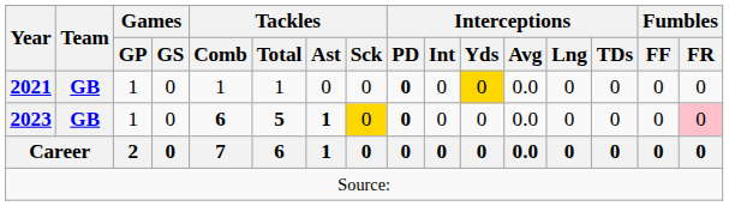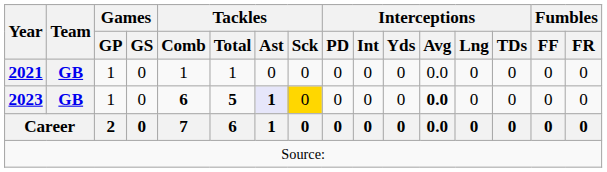 <table class="wikitable" style="text-align: center;">
 <tr>
 <th rowspan="2">Year</th>
 <th rowspan="2">Team</th>
 <th colspan="2">Games</th>
 <th colspan="4">Tackles</th>
 <th colspan="6">Interceptions</th>
 <th colspan="2">Fumbles</th>
 </tr>
 <tr>
 <th>GP</th>
 <th>GS</th>
 <th>Comb</th>
 <th>Total</th>
 <th>Ast</th>
 <th>Sck</th>
 <th>PD</th>
 <th>Int</th>
 <th>Yds</th>
 <th>Avg</th>
 <th>Lng</th>
 <th>TDs</th>
 <th>FF</th>
 <th>FR</th>
 </tr>
 <tr>
 <th><a href='#'>2021</a></th>
 <th><a href='#'>GB</a></th>
 <td>1</td>
 <td>0</td>
 <td>1</td>
 <td>1</td>
 <td>0</td>
 <td>0</td>
-<td><strong>0</strong></td>
 <td>0</td>
-<td style="background: gold;">0</td>
+<td>0</td>
+<td>0</td>
 <td>0.0</td>
 <td>0</td>
 <td>0</td>
 <td>0</td>
 <td>0</td>
 </tr>
 <tr>
 <th><a href='#'>2023</a></th>
 <th><a href='#'>GB</a></th>
 <td>1</td>
 <td>0</td>
 <td><strong>6</strong></td>
 <td><strong>5</strong></td>
-<td><strong>1</strong></td>
+<td style="background: lavender;"><strong>1</strong></td>
 <td style="background: gold;">0</td>
-<td><strong>0</strong></td>
-<td>0</td>
-<td>0</td>
-<td>0.0</td>
 <td>0</td>
 <td>0</td>
 <td>0</td>
-<td style="background: pink;">0</td>
+<td><strong>0.0</strong></td>
+<td>0</td>
+<td>0</td>
+<td>0</td>
+<td>0</td>
 </tr>
 <tr>
 <th colspan="2">Career</th>
 <th>2</th>
 <th>0</th>
 <th>7</th>
 <th>6</th>
 <th>1</th>
 <th>0</th>
 <th>0</th>
 <th>0</th>
 <th>0</th>
 <th>0.0</th>
 <th>0</th>
 <th>0</th>
 <th>0</th>
 <th>0</th>
 </tr>
 <tr>
 <td colspan="17"><small>Source: </small></td>
 </tr>
 </table>
